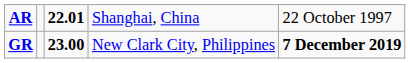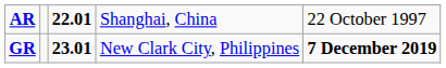 <table class="wikitable" style="font-size:95%; position:relative;">
 <tr>
 <td align=center><strong><a href='#'>AR</a></strong></td>
 <td></td>
 <td><strong>22.01</strong></td>
 <td><a href='#'>Shanghai</a>, <a href='#'>China</a></td>
 <td>22 October 1997</td>
 </tr>
 <tr>
 <td align=center><strong><a href='#'>GR</a></strong></td>
 <td></td>
-<td><strong>23.00</strong></td>
+<td><strong>23.01</strong></td>
 <td><a href='#'>New Clark City</a>, <a href='#'>Philippines</a></td>
 <td><strong>7 December 2019</strong></td>
 </tr>
 </table>
